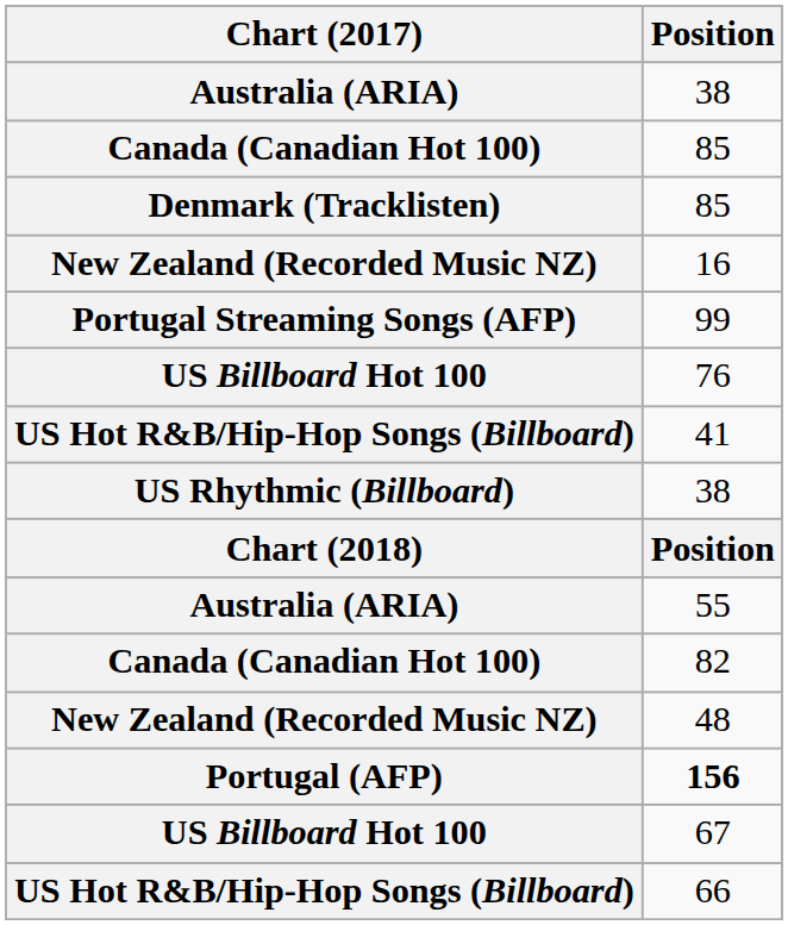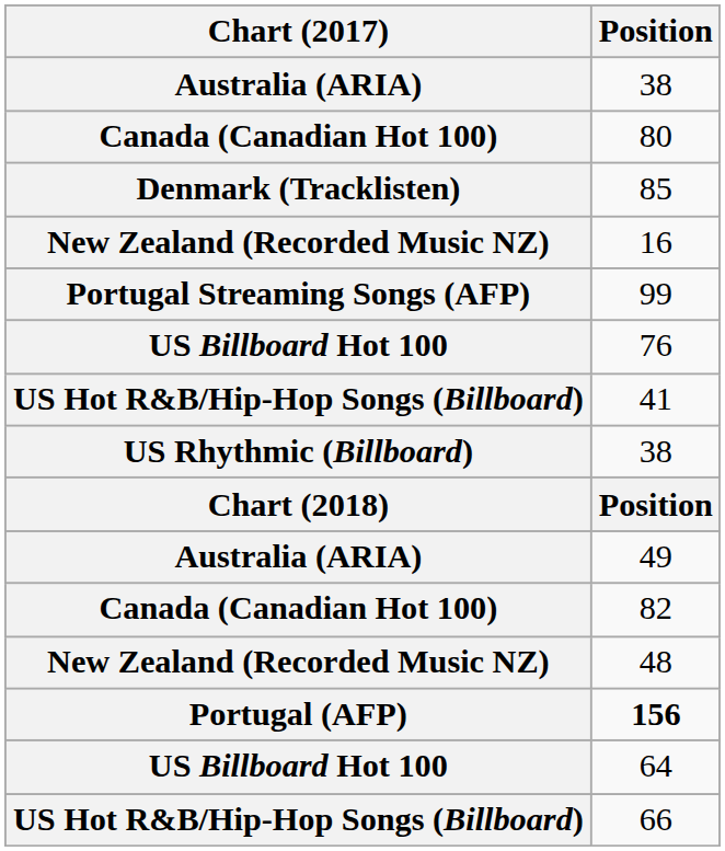 <table class="wikitable sortable plainrowheaders" style="text-align:center">
 <tr>
 <th scope="col">Chart (2017)</th>
 <th scope="col">Position</th>
 </tr>
 <tr>
 <th scope="row">Australia (ARIA)</th>
 <td>38</td>
 </tr>
 <tr>
 <th scope="row">Canada (Canadian Hot 100)</th>
-<td>85</td>
+<td>80</td>
 </tr>
 <tr>
 <th scope="row">Denmark (Tracklisten)</th>
 <td>85</td>
 </tr>
 <tr>
 <th scope="row">New Zealand (Recorded Music NZ)</th>
 <td>16</td>
 </tr>
 <tr>
 <th scope="row">Portugal Streaming Songs (AFP)</th>
 <td>99</td>
 </tr>
 <tr>
 <th scope="row">US <em>Billboard</em> Hot 100</th>
 <td>76</td>
 </tr>
 <tr>
 <th scope="row">US Hot R&B/Hip-Hop Songs (<em>Billboard</em>)</th>
 <td>41</td>
 </tr>
 <tr>
 <th scope="row">US Rhythmic (<em>Billboard</em>)</th>
 <td>38</td>
 </tr>
 <tr>
 <th scope="col">Chart (2018)</th>
 <th scope="col">Position</th>
 </tr>
 <tr>
 <th scope="row">Australia (ARIA)</th>
-<td>55</td>
+<td>49</td>
 </tr>
 <tr>
 <th scope="row">Canada (Canadian Hot 100)</th>
 <td>82</td>
 </tr>
 <tr>
 <th scope="row">New Zealand (Recorded Music NZ)</th>
 <td>48</td>
 </tr>
 <tr>
 <th scope="row">Portugal (AFP)</th>
 <td><strong>156</strong></td>
 </tr>
 <tr>
 <th scope="row">US <em>Billboard</em> Hot 100</th>
-<td>67</td>
+<td>64</td>
 </tr>
 <tr>
 <th scope="row">US Hot R&B/Hip-Hop Songs (<em>Billboard</em>)</th>
 <td>66</td>
 </tr>
 </table>
